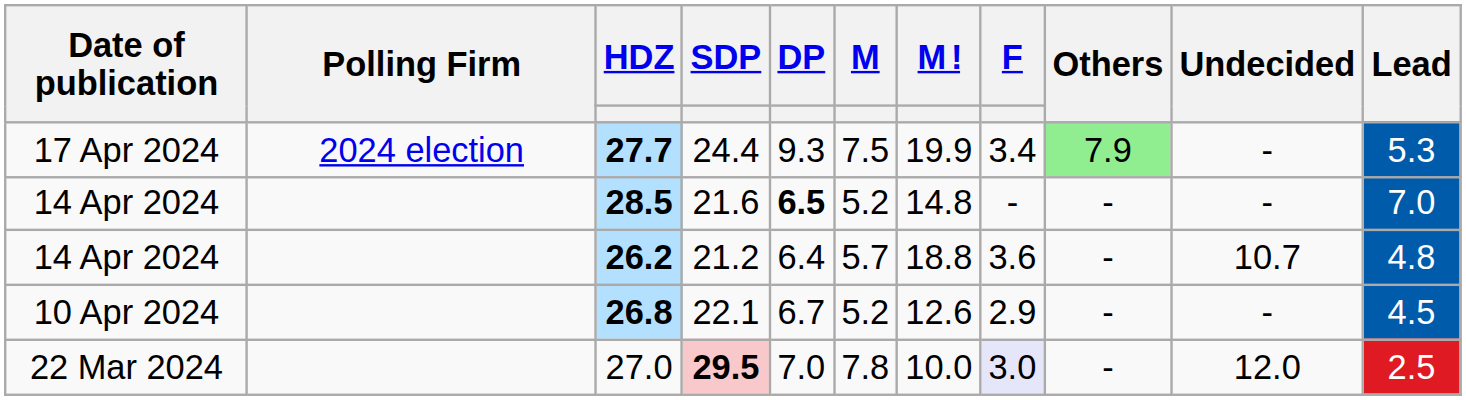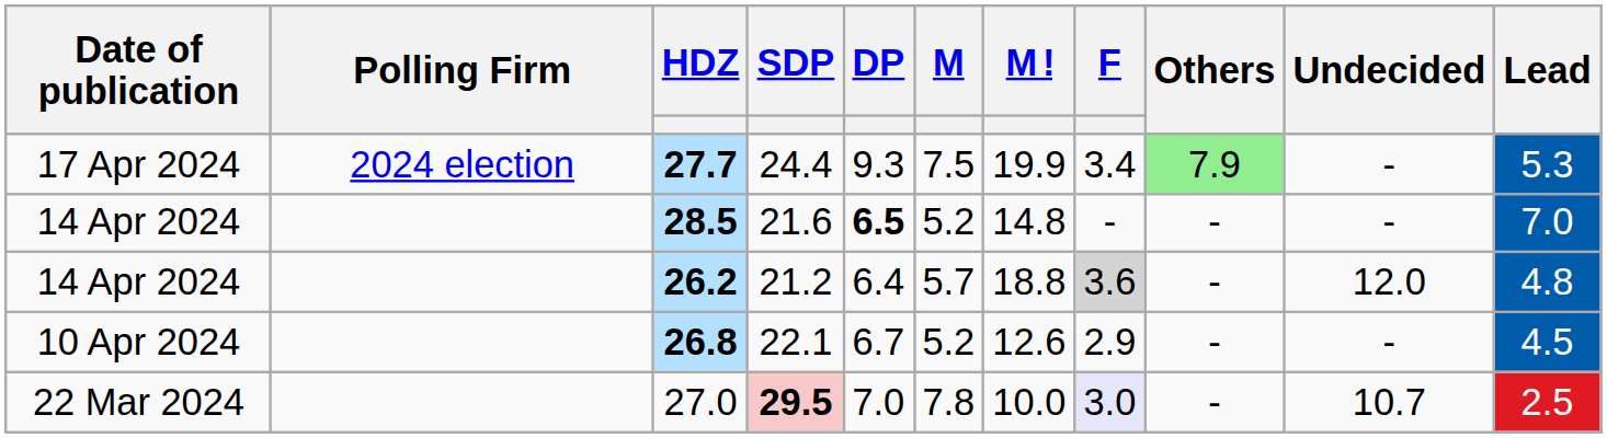 <table class="wikitable sortable" style="text-align:center; font-size:90%; line-height:16px;">
 <tr style="height:42px;">
 <th style="width:100px;" rowspan="2">Date of publication</th>
 <th style="width:165px;" rowspan="2">Polling Firm</th>
 <th><a href='#'>HDZ</a></th>
 <th><a href='#'>SDP</a></th>
 <th><a href='#'>DP</a></th>
 <th><a href='#'>M</a></th>
 <th style="letter-spacing:-1px;"><a href='#'>M !</a></th>
 <th><a href='#'>F</a></th>
 <th class="unsortable" style="width:40px;" rowspan="2">Others</th>
 <th class="unsortable" style="width:40px;" rowspan="2">Undecided</th>
 <th class="unsortable" style="width:20px;" rowspan="2">Lead</th>
 </tr>
 <tr>
 <th style="color:inherit;background:"></th>
 <th data-sort-type="number" style="color:inherit;background:"></th>
 <th style="color:inherit;background:"></th>
 <th style="color:inherit;background:"></th>
 <th style="color:inherit;background:"></th>
 <th style="color:inherit;background:"></th>
 </tr>
 <tr>
 <td>17 Apr 2024</td>
 <td><a href='#'>2024 election</a></td>
 <td style="background:#B3E0FF"><strong>27.7</strong></td>
 <td>24.4</td>
 <td>9.3</td>
 <td>7.5</td>
 <td>19.9</td>
 <td>3.4</td>
 <td style="background: lightgreen;">7.9</td>
 <td>-</td>
 <td style="background:#005BAA; color: white">5.3</td>
 </tr>
 <tr>
 <td>14 Apr 2024</td>
 <td></td>
 <td style="background:#B3E0FF"><strong>28.5</strong></td>
 <td>21.6</td>
 <td><strong>6.5</strong></td>
 <td>5.2</td>
 <td>14.8</td>
 <td>-</td>
 <td>-</td>
 <td>-</td>
 <td style="background:#005BAA; color: white">7.0</td>
 </tr>
 <tr>
 <td>14 Apr 2024</td>
 <td></td>
 <td style="background:#B3E0FF"><strong>26.2</strong></td>
 <td>21.2</td>
 <td>6.4</td>
 <td>5.7</td>
 <td>18.8</td>
-<td>3.6</td>
+<td style="background: lightgrey;">3.6</td>
 <td>-</td>
-<td>10.7</td>
+<td>12.0</td>
 <td style="background:#005BAA; color: white">4.8</td>
 </tr>
 <tr>
 <td>10 Apr 2024</td>
 <td></td>
 <td style="background:#B3E0FF"><strong>26.8</strong></td>
 <td>22.1</td>
 <td>6.7</td>
 <td>5.2</td>
 <td>12.6</td>
 <td>2.9</td>
 <td>-</td>
 <td>-</td>
 <td style="background:#005BAA; color: white">4.5</td>
 </tr>
 <tr>
 <td>22 Mar 2024</td>
 <td></td>
 <td>27.0</td>
 <td style="background:#F9C8CA"><strong>29.5</strong></td>
 <td>7.0</td>
 <td>7.8</td>
 <td>10.0</td>
 <td style="background: lavender;">3.0</td>
 <td>-</td>
-<td>12.0</td>
+<td>10.7</td>
 <td style="background:#DF1A22; color: white">2.5</td>
 </tr>
 </table>
